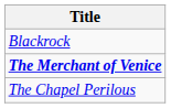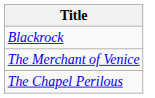 <table class="wikitable sortable plainrowheaders">
 <tr>
 <th>Title</th>
 </tr>
 <tr>
 <td><em><a href='#'>Blackrock</a></em></td>
 </tr>
 <tr>
-<td><strong><em><a href='#'>The Merchant of Venice</a></em></strong></td>
+<td><em><a href='#'>The Merchant of Venice</a></em></td>
 </tr>
 <tr>
 <td><em><a href='#'>The Chapel Perilous</a></em></td>
 </tr>
 </table>
